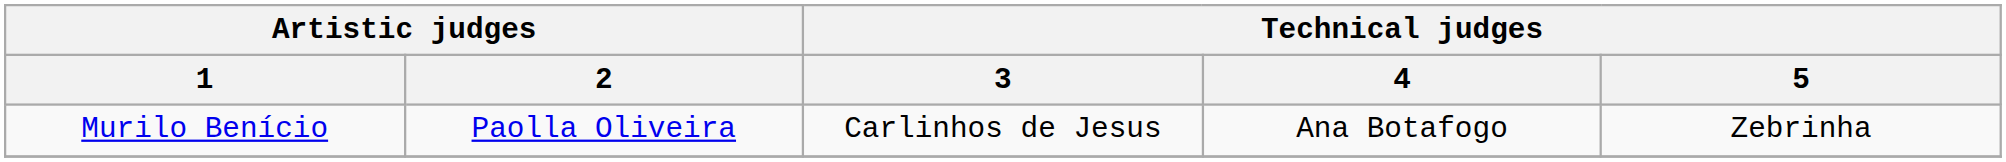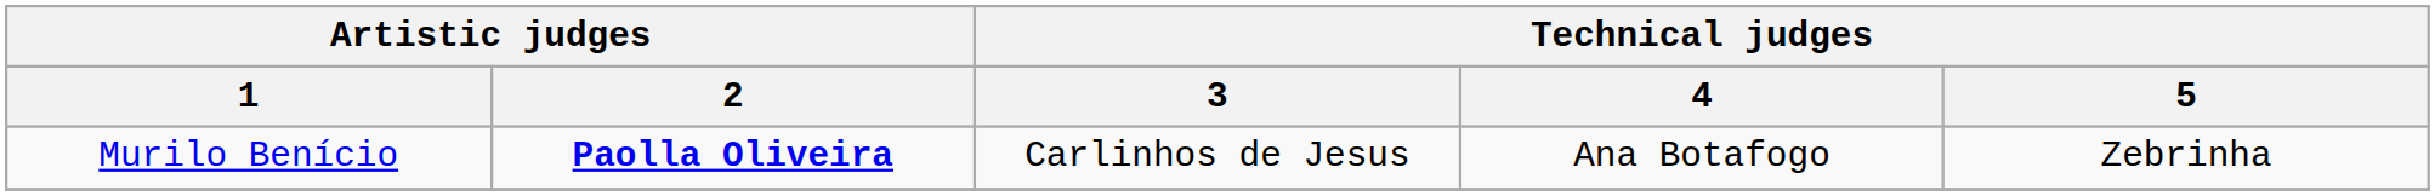 <table class="wikitable" style="font-size:100%; line-height:16px; text-align:center" width="100%">
 <tr>
 <th colspan=2>Artistic judges</th>
 <th colspan=3>Technical judges</th>
 </tr>
 <tr>
 <th width="20.0%">1</th>
 <th width="20.0%">2</th>
 <th width="20.0%">3</th>
 <th width="20.0%">4</th>
 <th width="20.0%">5</th>
 </tr>
 <tr>
 <td><a href='#'>Murilo Benício</a></td>
-<td><a href='#'>Paolla Oliveira</a></td>
+<td><strong><a href='#'>Paolla Oliveira</a></strong></td>
 <td>Carlinhos de Jesus</td>
 <td>Ana Botafogo</td>
 <td>Zebrinha</td>
 </tr>
 <tr>
 </tr>
 </table>
